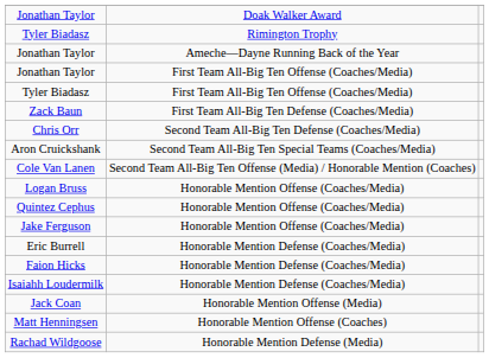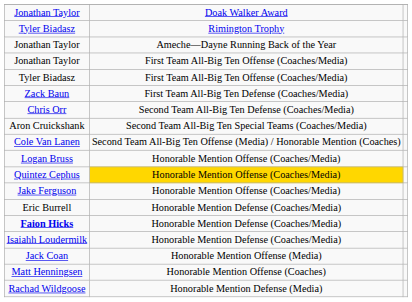 <table class="wikitable sortable sortable" style="text-align: center">
 <tr align=center>
 </tr>
 <tr>
 <td><a href='#'>Jonathan Taylor</a></td>
 <td><a href='#'>Doak Walker Award</a></td>
 <td></td>
 </tr>
 <tr>
 <td><a href='#'>Tyler Biadasz</a></td>
 <td><a href='#'>Rimington Trophy</a></td>
 <td></td>
 </tr>
 <tr>
 <td>Jonathan Taylor</td>
 <td>Ameche—Dayne Running Back of the Year</td>
 <td></td>
 </tr>
 <tr>
 <td>Jonathan Taylor</td>
 <td>First Team All-Big Ten Offense (Coaches/Media)</td>
 <td></td>
 </tr>
 <tr>
 <td>Tyler Biadasz</td>
 <td>First Team All-Big Ten Offense (Coaches/Media)</td>
 <td></td>
 </tr>
 <tr>
 <td><a href='#'>Zack Baun</a></td>
 <td>First Team All-Big Ten Defense (Coaches/Media)</td>
 <td></td>
 </tr>
 <tr>
 <td><a href='#'>Chris Orr</a></td>
 <td>Second Team All-Big Ten Defense (Coaches/Media)</td>
 <td></td>
 </tr>
 <tr>
 <td>Aron Cruickshank</td>
 <td>Second Team All-Big Ten Special Teams (Coaches/Media)</td>
 <td></td>
 </tr>
 <tr>
 <td><a href='#'>Cole Van Lanen</a></td>
 <td>Second Team All-Big Ten Offense (Media) / Honorable Mention (Coaches)</td>
 <td></td>
 </tr>
 <tr>
 <td><a href='#'>Logan Bruss</a></td>
 <td>Honorable Mention Offense (Coaches/Media)</td>
 <td></td>
 </tr>
 <tr>
 <td><a href='#'>Quintez Cephus</a></td>
-<td>Honorable Mention Offense (Coaches/Media)</td>
+<td style="background: gold;">Honorable Mention Offense (Coaches/Media)</td>
 <td></td>
 </tr>
 <tr>
 <td><a href='#'>Jake Ferguson</a></td>
 <td>Honorable Mention Offense (Coaches/Media)</td>
 <td></td>
 </tr>
 <tr>
 <td>Eric Burrell</td>
 <td>Honorable Mention Defense (Coaches/Media)</td>
 <td></td>
 </tr>
 <tr>
-<td><a href='#'>Faion Hicks</a></td>
+<td><strong><a href='#'>Faion Hicks</a></strong></td>
 <td>Honorable Mention Defense (Coaches/Media)</td>
 <td></td>
 </tr>
 <tr>
 <td><a href='#'>Isaiahh Loudermilk</a></td>
 <td>Honorable Mention Defense (Coaches/Media)</td>
 <td></td>
 </tr>
 <tr>
 <td><a href='#'>Jack Coan</a></td>
 <td>Honorable Mention Offense (Media)</td>
 <td></td>
 </tr>
 <tr>
 <td><a href='#'>Matt Henningsen</a></td>
 <td>Honorable Mention Offense (Coaches)</td>
 <td></td>
 </tr>
 <tr>
 <td><a href='#'>Rachad Wildgoose</a></td>
 <td>Honorable Mention Defense (Media)</td>
 <td></td>
 </tr>
 </table>
